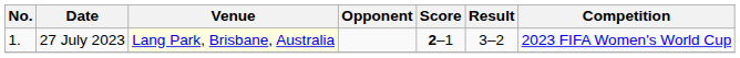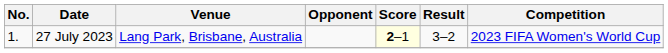 <table class="wikitable">
 <tr>
 <th>No.</th>
 <th>Date</th>
 <th>Venue</th>
 <th>Opponent</th>
 <th>Score</th>
 <th>Result</th>
 <th>Competition</th>
 </tr>
 <tr>
 <td>1.</td>
 <td>27 July 2023</td>
-<td style="background: lightyellow;"><a href='#'>Lang Park</a>, <a href='#'>Brisbane</a>, <a href='#'>Australia</a></td>
+<td><a href='#'>Lang Park</a>, <a href='#'>Brisbane</a>, <a href='#'>Australia</a></td>
 <td></td>
-<td align=center><strong>2</strong>–1</td>
+<td align=center style="background: lightyellow;"><strong>2</strong>–1</td>
 <td align=center>3–2</td>
 <td><a href='#'>2023 FIFA Women's World Cup</a></td>
 </tr>
 <tr>
 </tr>
 </table>
